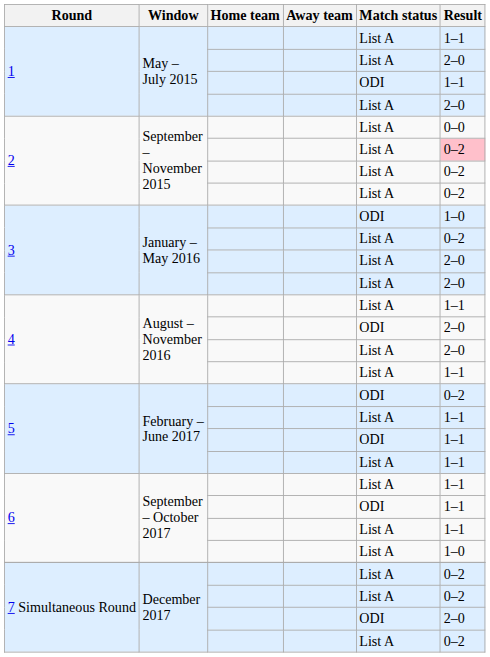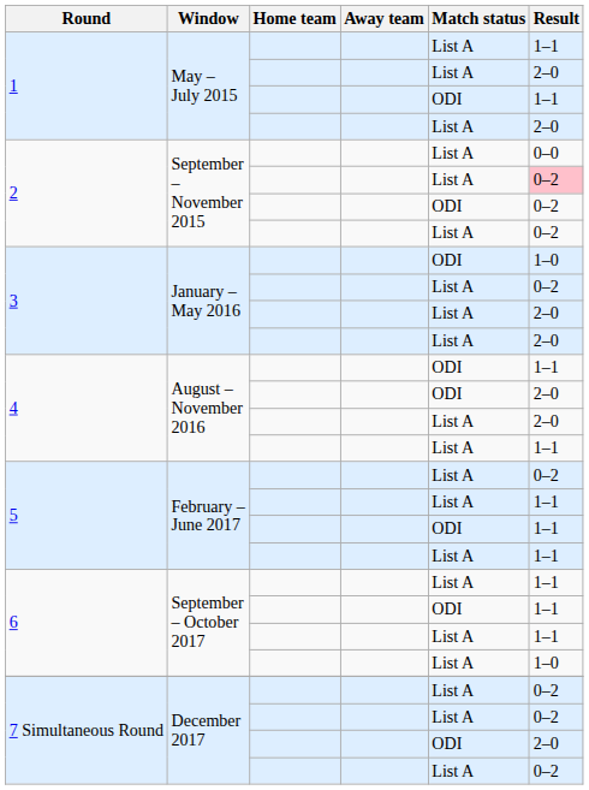 <table class="wikitable sortable">
 <tr>
 <th>Round</th>
 <th style="width:70px">Window</th>
 <th>Home team</th>
 <th>Away team</th>
 <th>Match status</th>
 <th>Result</th>
 </tr>
 <tr style="background:#ddeeff">
 <td rowspan=4><a href='#'>1</a></td>
 <td rowspan=4>May – July 2015</td>
 <td></td>
 <td></td>
 <td>List A</td>
 <td>1–1</td>
 </tr>
 <tr style="background:#ddeeff">
 <td></td>
 <td></td>
 <td>List A</td>
 <td>2–0</td>
 </tr>
 <tr style="background:#ddeeff">
 <td></td>
 <td></td>
 <td>ODI</td>
 <td>1–1</td>
 </tr>
 <tr style="background:#ddeeff">
 <td></td>
 <td></td>
 <td>List A</td>
 <td>2–0</td>
 </tr>
 <tr>
 <td rowspan=4><a href='#'>2</a></td>
 <td rowspan=4>September – November 2015</td>
 <td></td>
 <td></td>
 <td>List A</td>
 <td>0–0</td>
 </tr>
 <tr>
 <td></td>
 <td></td>
 <td>List A</td>
 <td style="background: pink;">0–2</td>
 </tr>
 <tr>
 <td></td>
 <td></td>
-<td>List A</td>
+<td>ODI</td>
 <td>0–2</td>
 </tr>
 <tr>
 <td></td>
 <td></td>
 <td>List A</td>
 <td>0–2</td>
 </tr>
 <tr style="background:#ddeeff">
 <td rowspan=4><a href='#'>3</a></td>
 <td rowspan=4>January – May 2016</td>
 <td></td>
 <td></td>
 <td>ODI</td>
 <td>1–0</td>
 </tr>
 <tr style="background:#ddeeff">
 <td></td>
 <td></td>
 <td>List A</td>
 <td>0–2</td>
 </tr>
 <tr style="background:#ddeeff">
 <td></td>
 <td></td>
 <td>List A</td>
 <td>2–0</td>
 </tr>
 <tr style="background:#ddeeff">
 <td></td>
 <td></td>
 <td>List A</td>
 <td>2–0</td>
 </tr>
 <tr>
 <td rowspan=4><a href='#'>4</a></td>
 <td rowspan=4>August – November 2016</td>
 <td></td>
 <td></td>
-<td>List A</td>
+<td>ODI</td>
 <td>1–1</td>
 </tr>
 <tr>
 <td></td>
 <td></td>
 <td>ODI</td>
 <td>2–0</td>
 </tr>
 <tr>
 <td></td>
 <td></td>
 <td>List A</td>
 <td>2–0</td>
 </tr>
 <tr>
 <td></td>
 <td></td>
 <td>List A</td>
 <td>1–1</td>
 </tr>
 <tr style="background:#ddeeff">
 <td rowspan=4><a href='#'>5</a></td>
 <td rowspan=4>February – June 2017</td>
 <td></td>
 <td></td>
-<td>ODI</td>
+<td>List A</td>
 <td>0–2</td>
 </tr>
 <tr style="background:#ddeeff">
 <td></td>
 <td></td>
 <td>List A</td>
 <td>1–1</td>
 </tr>
 <tr style="background:#ddeeff">
 <td></td>
 <td></td>
 <td>ODI</td>
 <td>1–1</td>
 </tr>
 <tr style="background:#ddeeff">
 <td></td>
 <td></td>
 <td>List A</td>
 <td>1–1</td>
 </tr>
 <tr>
 <td rowspan=4><a href='#'>6</a></td>
 <td rowspan=4>September – October 2017</td>
 <td></td>
 <td></td>
 <td>List A</td>
 <td>1–1</td>
 </tr>
 <tr>
 <td></td>
 <td></td>
 <td>ODI</td>
 <td>1–1</td>
 </tr>
 <tr>
 <td></td>
 <td></td>
 <td>List A</td>
 <td>1–1</td>
 </tr>
 <tr>
 <td></td>
 <td></td>
 <td>List A</td>
 <td>1–0</td>
 </tr>
 <tr>
 </tr>
 <tr style="background:#ddeeff">
 <td rowspan=4><a href='#'>7</a> Simultaneous Round</td>
 <td rowspan=4>December 2017</td>
 <td></td>
 <td></td>
 <td>List A</td>
 <td>0–2</td>
 </tr>
 <tr style="background:#ddeeff">
 <td></td>
 <td></td>
 <td>List A</td>
 <td>0–2</td>
 </tr>
 <tr style="background:#ddeeff">
 <td></td>
 <td></td>
 <td>ODI</td>
 <td>2–0</td>
 </tr>
 <tr style="background:#ddeeff">
 <td></td>
 <td></td>
 <td>List A</td>
 <td>0–2</td>
 </tr>
 </table>
